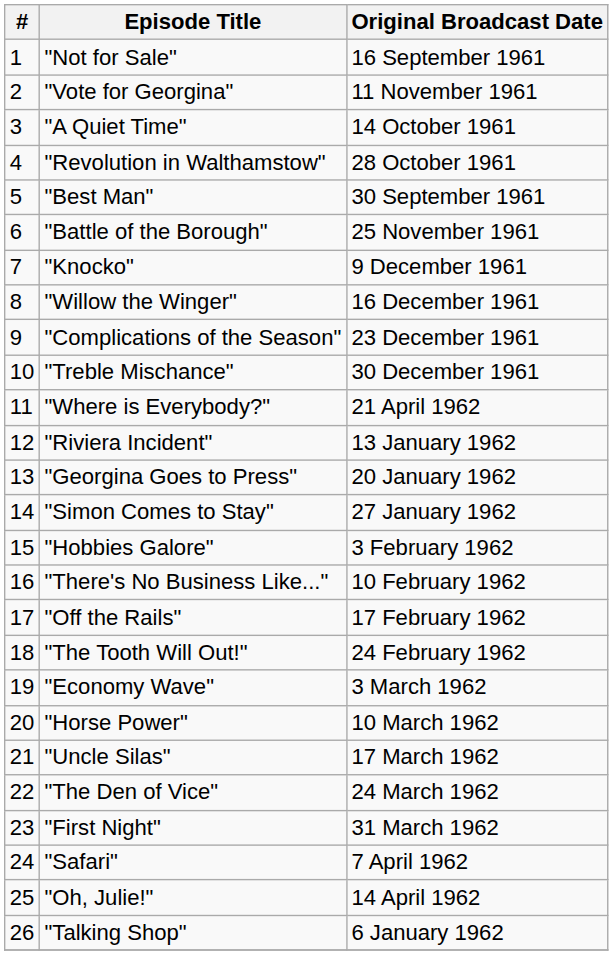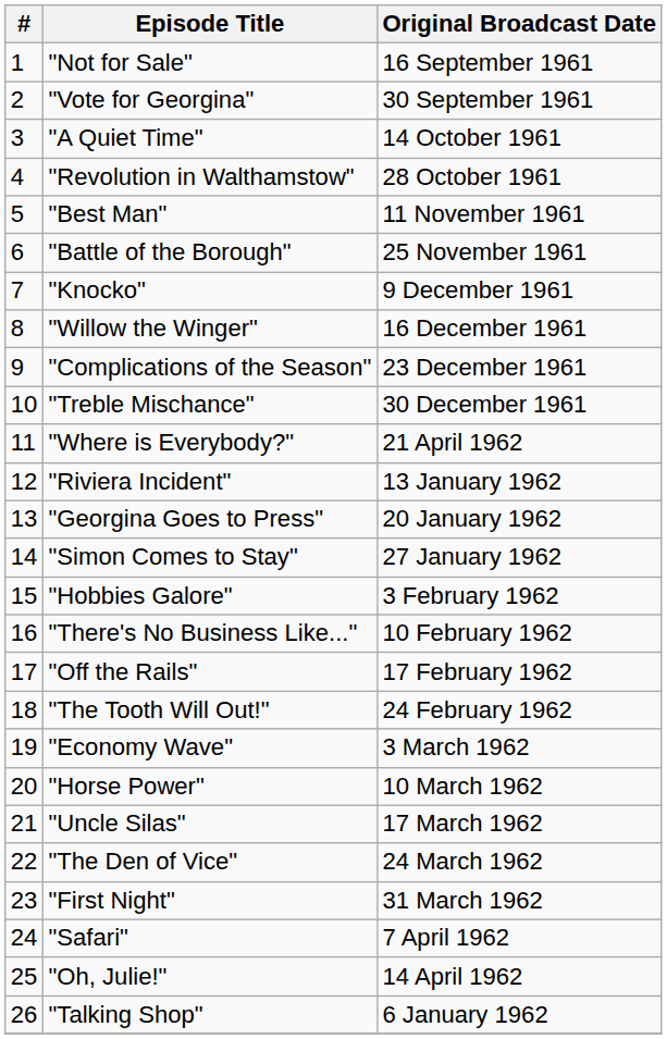 <table class="wikitable">
 <tr>
 <th>#</th>
 <th>Episode Title</th>
 <th>Original Broadcast Date</th>
 </tr>
 <tr>
 <td>1</td>
 <td>"Not for Sale"</td>
 <td>16 September 1961</td>
 </tr>
 <tr>
 <td>2</td>
 <td>"Vote for Georgina"</td>
-<td>11 November 1961</td>
+<td>30 September 1961</td>
 </tr>
 <tr>
 <td>3</td>
 <td>"A Quiet Time"</td>
 <td>14 October 1961</td>
 </tr>
 <tr>
 <td>4</td>
 <td>"Revolution in Walthamstow"</td>
 <td>28 October 1961</td>
 </tr>
 <tr>
 <td>5</td>
 <td>"Best Man"</td>
-<td>30 September 1961</td>
+<td>11 November 1961</td>
 </tr>
 <tr>
 <td>6</td>
 <td>"Battle of the Borough"</td>
 <td>25 November 1961</td>
 </tr>
 <tr>
 <td>7</td>
 <td>"Knocko"</td>
 <td>9 December 1961</td>
 </tr>
 <tr>
 <td>8</td>
 <td>"Willow the Winger"</td>
 <td>16 December 1961</td>
 </tr>
 <tr>
 <td>9</td>
 <td>"Complications of the Season"</td>
 <td>23 December 1961</td>
 </tr>
 <tr>
 <td>10</td>
 <td>"Treble Mischance"</td>
 <td>30 December 1961</td>
 </tr>
 <tr>
 <td>11</td>
 <td>"Where is Everybody?"</td>
 <td>21 April 1962</td>
 </tr>
 <tr>
 <td>12</td>
 <td>"Riviera Incident"</td>
 <td>13 January 1962</td>
 </tr>
 <tr>
 <td>13</td>
 <td>"Georgina Goes to Press"</td>
 <td>20 January 1962</td>
 </tr>
 <tr>
 <td>14</td>
 <td>"Simon Comes to Stay"</td>
 <td>27 January 1962</td>
 </tr>
 <tr>
 <td>15</td>
 <td>"Hobbies Galore"</td>
 <td>3 February 1962</td>
 </tr>
 <tr>
 <td>16</td>
 <td>"There's No Business Like..."</td>
 <td>10 February 1962</td>
 </tr>
 <tr>
 <td>17</td>
 <td>"Off the Rails"</td>
 <td>17 February 1962</td>
 </tr>
 <tr>
 <td>18</td>
 <td>"The Tooth Will Out!"</td>
 <td>24 February 1962</td>
 </tr>
 <tr>
 <td>19</td>
 <td>"Economy Wave"</td>
 <td>3 March 1962</td>
 </tr>
 <tr>
 <td>20</td>
 <td>"Horse Power"</td>
 <td>10 March 1962</td>
 </tr>
 <tr>
 <td>21</td>
 <td>"Uncle Silas"</td>
 <td>17 March 1962</td>
 </tr>
 <tr>
 <td>22</td>
 <td>"The Den of Vice"</td>
 <td>24 March 1962</td>
 </tr>
 <tr>
 <td>23</td>
 <td>"First Night"</td>
 <td>31 March 1962</td>
 </tr>
 <tr>
 <td>24</td>
 <td>"Safari"</td>
 <td>7 April 1962</td>
 </tr>
 <tr>
 <td>25</td>
 <td>"Oh, Julie!"</td>
 <td>14 April 1962</td>
 </tr>
 <tr>
 <td>26</td>
 <td>"Talking Shop"</td>
 <td>6 January 1962</td>
 </tr>
 <tr>
 </tr>
 </table>
